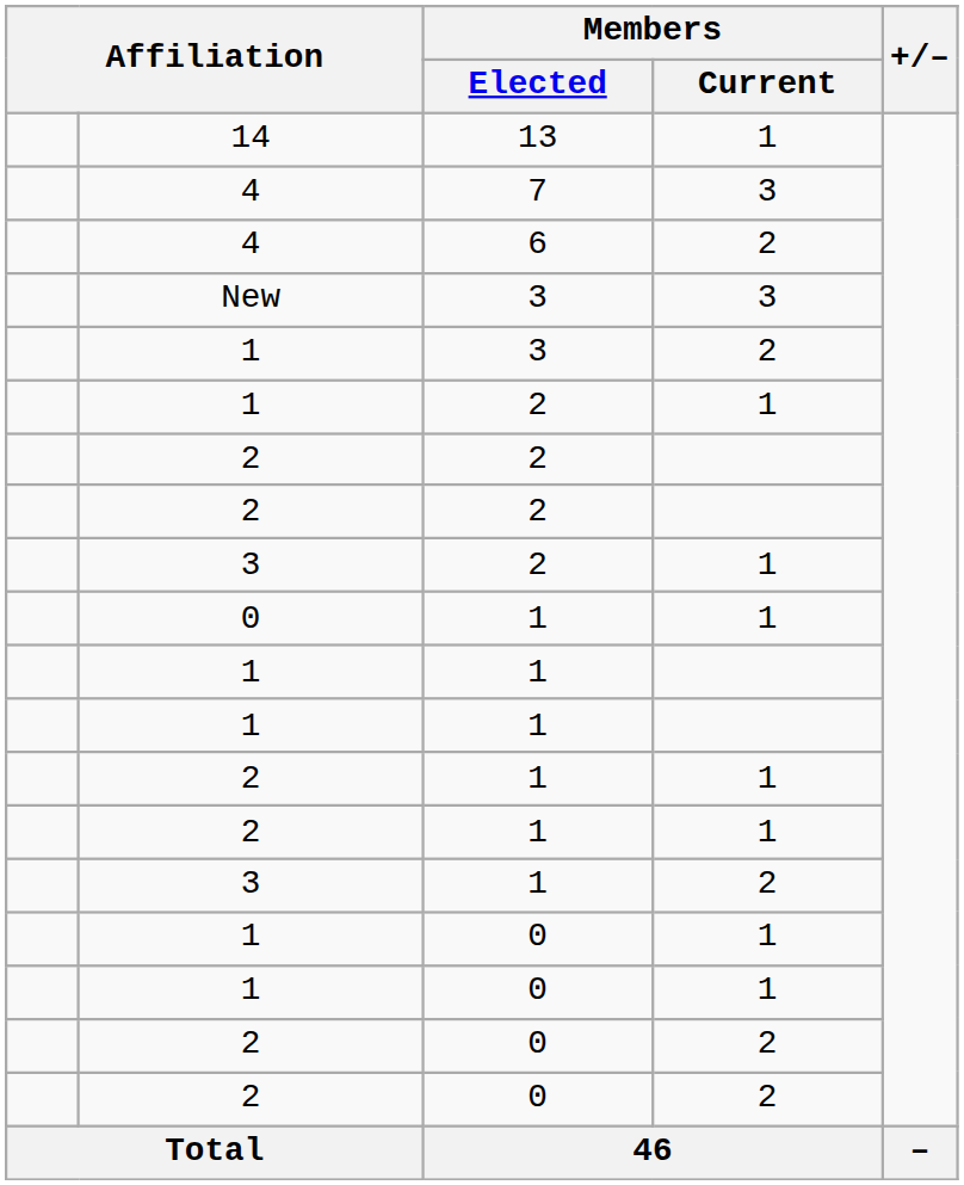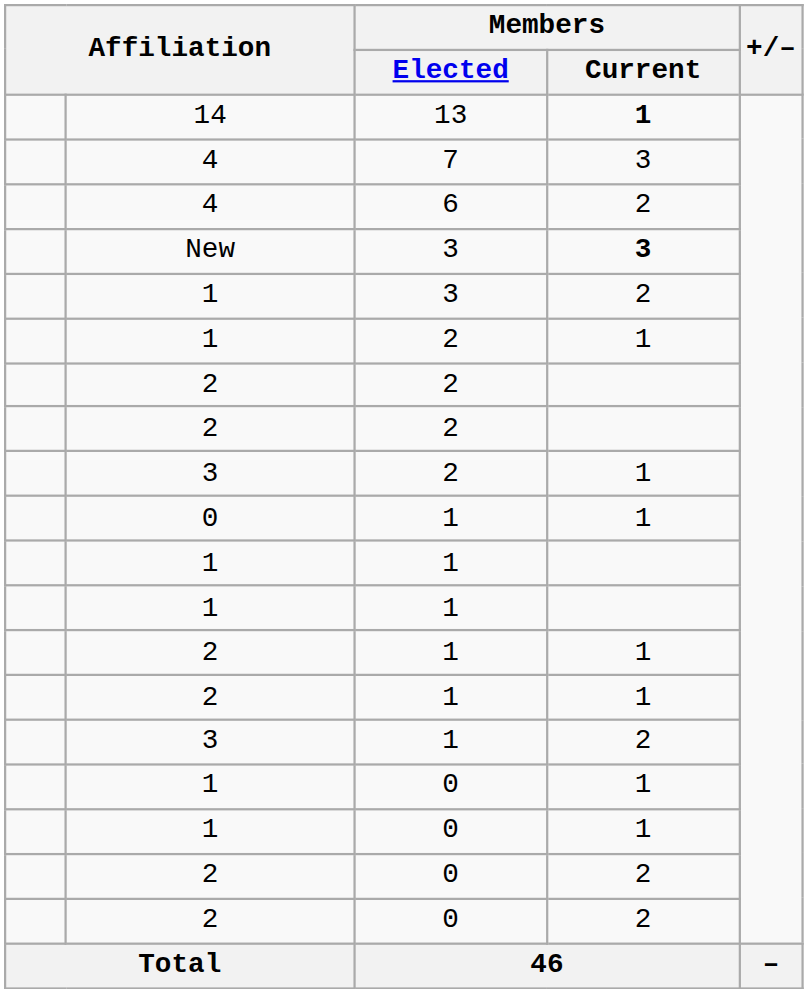 <table class="wikitable" border="1" style="font-size: 95%; text-align: center;">
 <tr>
 <th colspan="2" rowspan="2" class=unsortable style="text-align: center; vertical-align: middle; width: 150px;">Affiliation</th>
 <th colspan="2" style="vertical-align: top;">Members</th>
 <th rowspan="2">+/–</th>
 </tr>
 <tr>
 <th data-sort-type=number style="width: 80px;"><a href='#'>Elected</a></th>
 <th style="width: 80px;">Current</th>
 </tr>
 <tr>
 <td></td>
 <td>14</td>
 <td>13</td>
-<td>1</td>
+<td><strong>1</strong></td>
 </tr>
 <tr>
 <td></td>
 <td>4</td>
 <td>7</td>
 <td>3</td>
 </tr>
 <tr>
 <td></td>
 <td>4</td>
 <td>6</td>
 <td>2</td>
 </tr>
 <tr>
 <td></td>
 <td>New</td>
 <td>3</td>
-<td>3</td>
+<td><strong>3</strong></td>
 </tr>
 <tr>
 <td></td>
 <td>1</td>
 <td>3</td>
 <td>2</td>
 </tr>
 <tr>
 <td></td>
 <td>1</td>
 <td>2</td>
 <td>1</td>
 </tr>
 <tr>
 <td></td>
 <td>2</td>
 <td>2</td>
 <td></td>
 </tr>
 <tr>
 <td></td>
 <td>2</td>
 <td>2</td>
 <td></td>
 </tr>
 <tr>
 <td></td>
 <td>3</td>
 <td>2</td>
 <td>1</td>
 </tr>
 <tr>
 <td></td>
 <td>0</td>
 <td>1</td>
 <td>1</td>
 </tr>
 <tr>
 <td></td>
 <td>1</td>
 <td>1</td>
 <td></td>
 </tr>
 <tr>
 <td></td>
 <td>1</td>
 <td>1</td>
 <td></td>
 </tr>
 <tr>
 <td></td>
 <td>2</td>
 <td>1</td>
 <td>1</td>
 </tr>
 <tr>
 <td></td>
 <td>2</td>
 <td>1</td>
 <td>1</td>
 </tr>
 <tr>
 <td></td>
 <td>3</td>
 <td>1</td>
 <td>2</td>
 </tr>
 <tr>
 <td></td>
 <td>1</td>
 <td>0</td>
 <td>1</td>
 </tr>
 <tr>
 <td></td>
 <td>1</td>
 <td>0</td>
 <td>1</td>
 </tr>
 <tr>
 <td></td>
 <td>2</td>
 <td>0</td>
 <td>2</td>
 </tr>
 <tr>
 <td></td>
 <td>2</td>
 <td>0</td>
 <td>2</td>
 </tr>
 <tr>
 <th colspan="2">Total</th>
 <th colspan="2">46</th>
 <th>–</th>
 </tr>
 </table>
